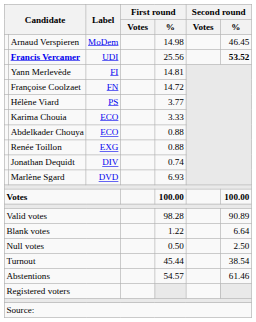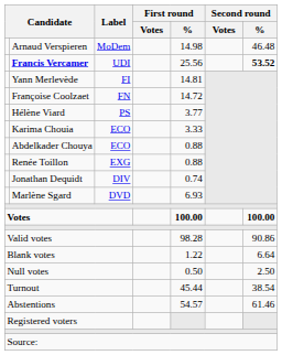 <table class="wikitable" style="text-align:right;font-size:95%;">
 <tr>
 <th rowspan="2" colspan="2">Candidate</th>
 <th rowspan="2">Label</th>
 <th colspan="2">First round</th>
 <th colspan="2">Second round</th>
 </tr>
 <tr>
 <th style="width:50px;">Votes</th>
 <th style="width:45px;">%</th>
 <th style="width:50px;">Votes</th>
 <th style="width:45px;">%</th>
 </tr>
 <tr>
 <td style="color:inherit;background:"></td>
 <td style="text-align:left;">Arnaud Verspieren</td>
 <td><a href='#'>MoDem</a></td>
 <td></td>
 <td>14.98</td>
 <td></td>
-<td>46.45</td>
+<td>46.48</td>
 </tr>
 <tr>
 <td style="color:inherit;background:"></td>
 <td style="text-align:left;"><strong><a href='#'>Francis Vercamer</a></strong></td>
 <td><a href='#'>UDI</a></td>
 <td></td>
 <td>25.56</td>
 <td><strong></strong></td>
 <td><strong>53.52</strong></td>
 </tr>
 <tr>
 <td style="color:inherit;background:"></td>
 <td style="text-align:left;">Yann Merlevède</td>
 <td><a href='#'>FI</a></td>
 <td></td>
 <td>14.81</td>
 <td colspan="2" rowspan="8" style="background:#E9E9E9;"></td>
 </tr>
 <tr>
 <td style="color:inherit;background:"></td>
 <td style="text-align:left;">Françoise Coolzaet</td>
 <td><a href='#'>FN</a></td>
 <td></td>
 <td>14.72</td>
 </tr>
 <tr>
 <td style="color:inherit;background:"></td>
 <td style="text-align:left;">Hélène Viard</td>
 <td><a href='#'>PS</a></td>
 <td></td>
 <td>3.77</td>
 </tr>
 <tr>
 <td style="color:inherit;background:"></td>
 <td style="text-align:left;">Karima Chouia</td>
 <td><a href='#'>ECO</a></td>
 <td></td>
 <td>3.33</td>
 </tr>
 <tr>
 <td style="color:inherit;background:"></td>
 <td style="text-align:left;">Abdelkader Chouya</td>
 <td><a href='#'>ECO</a></td>
 <td></td>
 <td>0.88</td>
 </tr>
 <tr>
 <td style="color:inherit;background:"></td>
 <td style="text-align:left;">Renée Toillon</td>
 <td><a href='#'>EXG</a></td>
 <td></td>
 <td>0.88</td>
 </tr>
 <tr>
 <td style="color:inherit;background:"></td>
 <td style="text-align:left;">Jonathan Dequidt</td>
 <td><a href='#'>DIV</a></td>
 <td></td>
 <td>0.74</td>
 </tr>
 <tr>
 <td style="color:inherit;background:"></td>
 <td style="text-align:left;">Marlène Sgard</td>
 <td><a href='#'>DVD</a></td>
 <td></td>
 <td>6.93</td>
 </tr>
 <tr>
 <td colspan="7" style="background:#E9E9E9;"></td>
 </tr>
 <tr style="font-weight:bold;">
 <td colspan="3" style="text-align:left;">Votes</td>
 <td></td>
 <td>100.00</td>
 <td></td>
 <td>100.00</td>
 </tr>
 <tr>
 <td colspan="7" style="background:#E9E9E9;"></td>
 </tr>
 <tr>
 <td colspan="3" style="text-align:left;">Valid votes</td>
 <td></td>
 <td>98.28</td>
 <td></td>
-<td>90.89</td>
+<td>90.86</td>
 </tr>
 <tr>
 <td colspan="3" style="text-align:left;">Blank votes</td>
 <td></td>
 <td>1.22</td>
 <td></td>
 <td>6.64</td>
 </tr>
 <tr>
 <td colspan="3" style="text-align:left;">Null votes</td>
 <td></td>
 <td>0.50</td>
 <td></td>
 <td>2.50</td>
 </tr>
 <tr>
 <td colspan="3" style="text-align:left;">Turnout</td>
 <td></td>
 <td>45.44</td>
 <td></td>
 <td>38.54</td>
 </tr>
 <tr>
 <td colspan="3" style="text-align:left;">Abstentions</td>
 <td></td>
 <td>54.57</td>
 <td></td>
 <td>61.46</td>
 </tr>
 <tr>
 <td colspan="3" style="text-align:left;">Registered voters</td>
 <td></td>
 <td style="background:#E9E9E9;"></td>
 <td></td>
 <td style="background:#E9E9E9;"></td>
 </tr>
 <tr>
 <td colspan="7" style="background:#E9E9E9;"></td>
 </tr>
 <tr>
 <td colspan="7" style="text-align:left;">Source: </td>
 </tr>
 </table>
